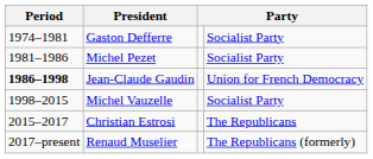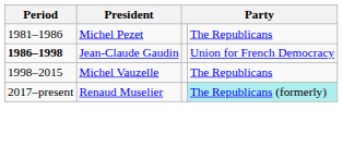 <table class="wikitable">
 <tr>
 <th>Period</th>
 <th>President</th>
 <th colspan="2">Party</th>
 </tr>
 <tr>
-<td>1974–1981</td>
-<td><a href='#'>Gaston Defferre</a></td>
-<td style="background-color: "></td>
-<td><a href='#'>Socialist Party</a></td>
-</tr>
-<tr>
 <td>1981–1986</td>
 <td><a href='#'>Michel Pezet</a></td>
 <td style="background-color: "></td>
-<td><a href='#'>Socialist Party</a></td>
+<td><a href='#'>The Republicans</a></td>
 </tr>
 <tr>
 <td><strong>1986–1998</strong></td>
 <td><a href='#'>Jean-Claude Gaudin</a></td>
 <td style="background-color: "></td>
 <td><a href='#'>Union for French Democracy</a></td>
 </tr>
 <tr>
 <td>1998–2015</td>
 <td><a href='#'>Michel Vauzelle</a></td>
 <td style="background-color: "></td>
-<td><a href='#'>Socialist Party</a></td>
-</tr>
-<tr>
-<td>2015–2017</td>
-<td><a href='#'>Christian Estrosi</a></td>
-<td style="background-color: "></td>
 <td><a href='#'>The Republicans</a></td>
 </tr>
 <tr>
 <td>2017–present</td>
 <td><a href='#'>Renaud Muselier</a></td>
 <td style="background-color: "></td>
-<td><a href='#'>The Republicans</a> (formerly)</td>
+<td style="background: paleturquoise;"><a href='#'>The Republicans</a> (formerly)</td>
 </tr>
 </table>
